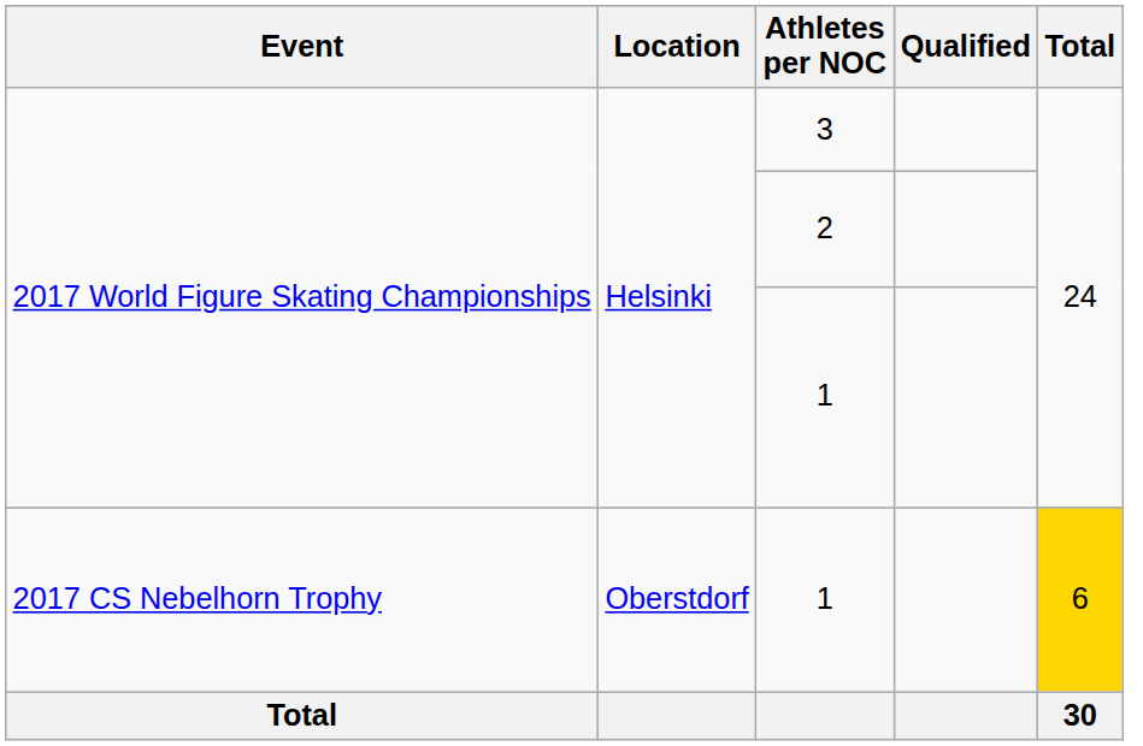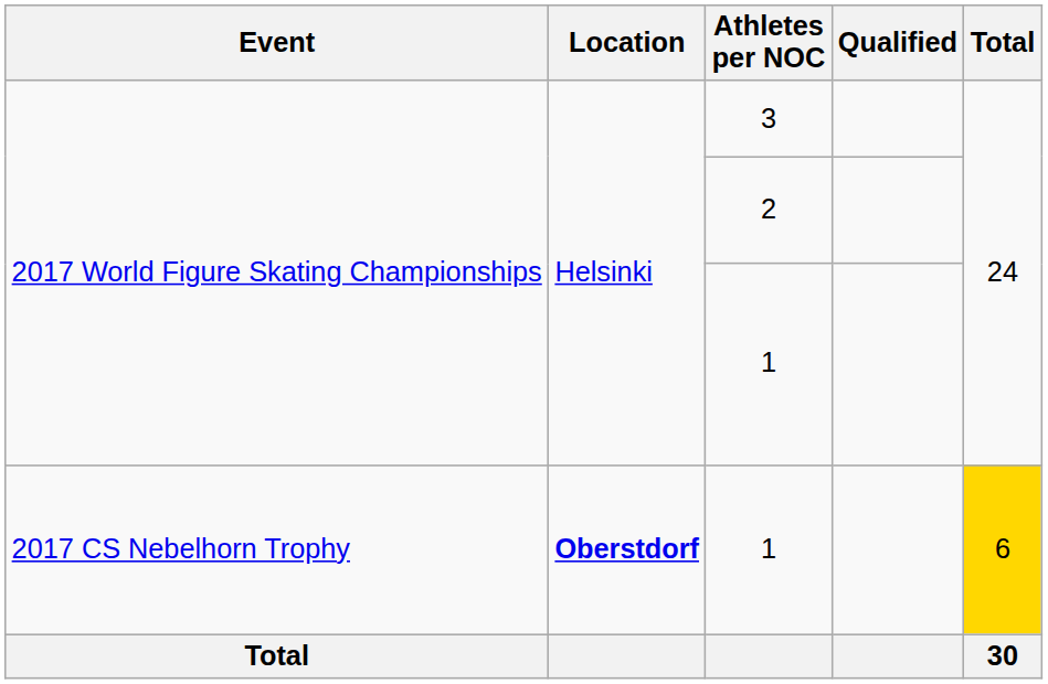 <table class="wikitable">
 <tr>
 <th>Event</th>
 <th>Location</th>
 <th>Athletes <br> per NOC</th>
 <th>Qualified</th>
 <th>Total</th>
 </tr>
 <tr>
 <td rowspan = 3><a href='#'>2017 World Figure Skating Championships</a></td>
 <td rowspan = 3> <a href='#'>Helsinki</a></td>
 <td align="center">3</td>
 <td><br><br></td>
 <td rowspan = 3 align="center">24</td>
 </tr>
 <tr>
 <td align="center">2</td>
 <td><br><br><br></td>
 </tr>
 <tr>
 <td align="center">1</td>
 <td><br><br><br><br><br><br></td>
 </tr>
 <tr>
 <td><a href='#'>2017 CS Nebelhorn Trophy</a></td>
-<td> <a href='#'>Oberstdorf</a></td>
+<td><strong> <a href='#'>Oberstdorf</a></strong></td>
 <td align="center">1</td>
 <td><br><br><br><br><br></td>
 <td rowspan = 1 align="center" style="background: gold;">6</td>
 </tr>
 <tr>
 <th>Total</th>
 <th></th>
 <th></th>
 <th></th>
 <th>30</th>
 </tr>
 </table>
